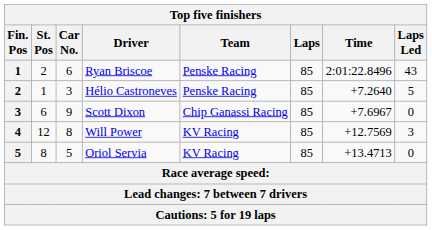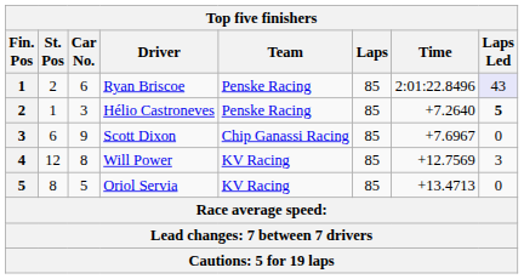 <table class="wikitable" style="font-size:95%;text-align:center">
 <tr>
 <th colspan=9>Top five finishers</th>
 </tr>
 <tr>
 <th>Fin.<br>Pos</th>
 <th>St.<br>Pos</th>
 <th>Car<br>No.</th>
 <th>Driver</th>
 <th>Team</th>
 <th>Laps</th>
 <th>Time</th>
 <th>Laps<br>Led</th>
 </tr>
 <tr>
 <th>1</th>
 <td>2</td>
 <td>6</td>
 <td style="text-align:left"> <a href='#'>Ryan Briscoe</a></td>
 <td style="text-align:left"><a href='#'>Penske Racing</a></td>
 <td>85</td>
 <td align=right>2:01:22.8496</td>
-<td>43</td>
+<td style="background: lavender;">43</td>
 </tr>
 <tr>
 <th>2</th>
 <td>1</td>
 <td>3</td>
 <td style="text-align:left"> <a href='#'>Hélio Castroneves</a></td>
 <td style="text-align:left"><a href='#'>Penske Racing</a></td>
 <td>85</td>
 <td align=right>+7.2640</td>
-<td>5</td>
+<td><strong>5</strong></td>
 </tr>
 <tr>
 <th>3</th>
 <td>6</td>
 <td>9</td>
 <td style="text-align:left"> <a href='#'>Scott Dixon</a></td>
 <td style="text-align:left"><a href='#'>Chip Ganassi Racing</a></td>
 <td>85</td>
 <td align=right>+7.6967</td>
 <td>0</td>
 </tr>
 <tr>
 <th>4</th>
 <td>12</td>
 <td>8</td>
 <td style="text-align:left"> <a href='#'>Will Power</a></td>
 <td style="text-align:left"><a href='#'>KV Racing</a></td>
 <td>85</td>
 <td align=right>+12.7569</td>
 <td>3</td>
 </tr>
 <tr>
 <th>5</th>
 <td>8</td>
 <td>5</td>
 <td style="text-align:left"> <a href='#'>Oriol Servia</a></td>
 <td style="text-align:left"><a href='#'>KV Racing</a></td>
 <td>85</td>
 <td align=right>+13.4713</td>
 <td>0</td>
 </tr>
 <tr>
 <th colspan=9>Race average speed: </th>
 </tr>
 <tr>
 <th colspan=9>Lead changes: 7 between 7 drivers</th>
 </tr>
 <tr>
 <th colspan=9>Cautions: 5 for 19 laps</th>
 </tr>
 </table>
